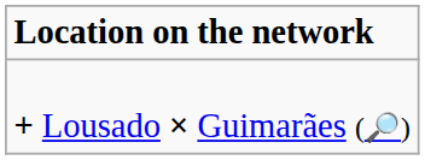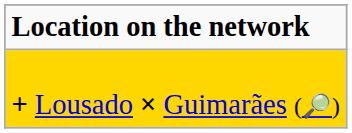 <table role="presentation" class="wikitable mw-collapsible mw-collapsed floatright">
 <tr>
 <td><strong>Location on the network</strong></td>
 </tr>
 <tr>
-<td><br><span><strong>+</strong> <a href='#'>Lousado</a></span> <span><strong>×</strong> <a href='#'>Guimarães</a></span> <small>(<a href='#'>🔎</a>)</small></td>
+<td style="background: gold;"><br><span><strong>+</strong> <a href='#'>Lousado</a></span> <span><strong>×</strong> <a href='#'>Guimarães</a></span> <small>(<a href='#'>🔎</a>)</small></td>
 </tr>
 </table>
